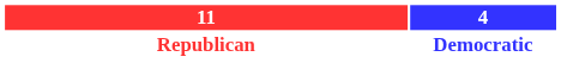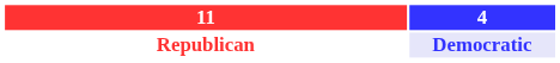 <table style="width:50%">
 <tr>
 <td scope="row" colspan="3" style="text-align:center"></td>
 </tr>
 <tr>
 <td scope="row" style="background:#F33; width:73.3%; text-align:center; color:white"><strong>11</strong></td>
 <td style="background:#33F; width:26.7%; text-align:center; color:white"><strong>4</strong></td>
 </tr>
 <tr>
 <td scope="row" style="text-align:center; color:#F33"><strong>Republican</strong></td>
-<td style="text-align:center; color:#33F"><strong>Democratic</strong></td>
+<td style="background: lavender; text-align:center; color:#33F"><strong>Democratic</strong></td>
 </tr>
 </table>
